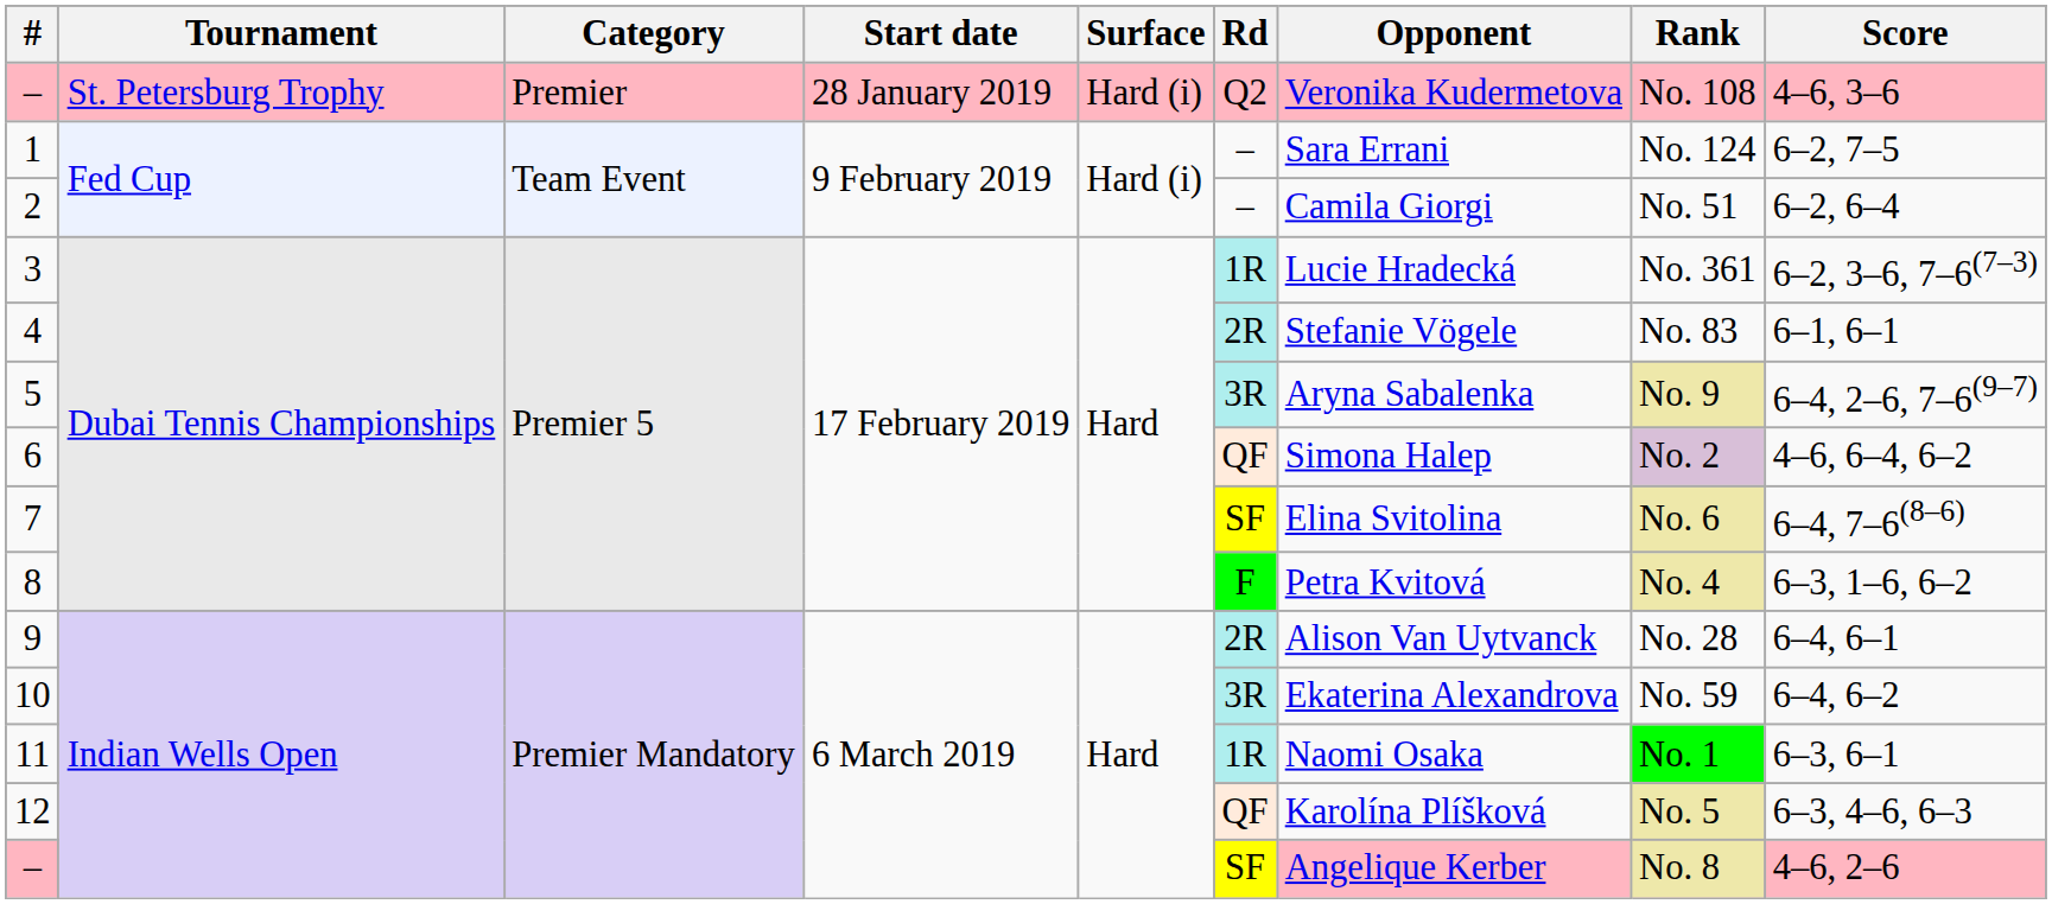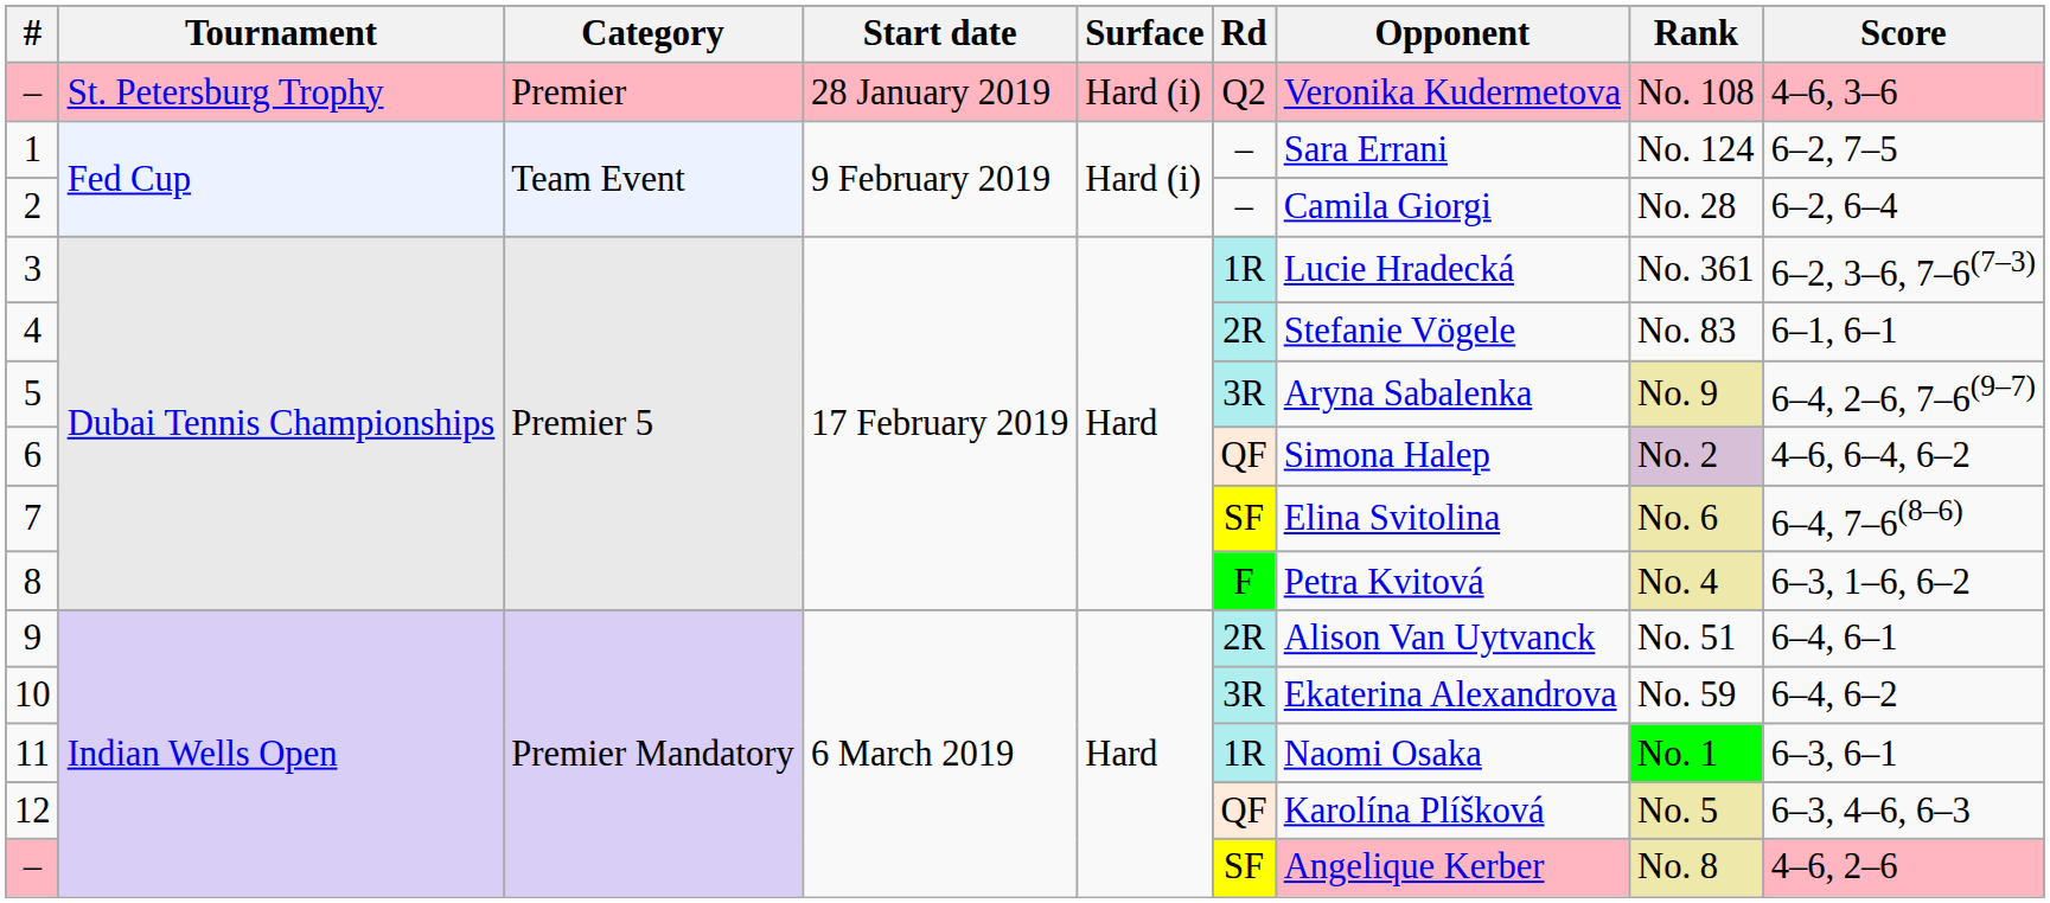 <table class="wikitable sortable">
 <tr>
 <th scope="col">#</th>
 <th scope="col">Tournament</th>
 <th scope="col">Category</th>
 <th scope="col">Start date</th>
 <th scope="col">Surface</th>
 <th scope="col">Rd</th>
 <th scope="col">Opponent</th>
 <th scope="col">Rank</th>
 <th scope="col" class="unsortable">Score</th>
 </tr>
 <tr bgcolor=lightpink>
 <td align=center>–</td>
 <td><a href='#'>St. Petersburg Trophy</a></td>
 <td>Premier</td>
 <td>28 January 2019</td>
 <td>Hard (i)</td>
 <td align=center style="background:f0f8ff;">Q2</td>
 <td> <a href='#'>Veronika Kudermetova</a></td>
 <td align=left>No. 108</td>
 <td>4–6, 3–6</td>
 </tr>
 <tr>
 <td align=center>1</td>
 <td bgcolor=ecf2ff rowspan=2><a href='#'>Fed Cup</a></td>
 <td bgcolor=ecf2ff rowspan=2>Team Event</td>
 <td rowspan=2>9 February 2019</td>
 <td rowspan=2>Hard (i)</td>
 <td align=center>–</td>
 <td> <a href='#'>Sara Errani</a></td>
 <td align=left>No. 124</td>
 <td>6–2, 7–5</td>
 </tr>
 <tr>
 <td align=center>2</td>
 <td align=center>–</td>
 <td> <a href='#'>Camila Giorgi</a></td>
-<td align=left>No. 51</td>
+<td align=left>No. 28</td>
 <td>6–2, 6–4</td>
 </tr>
 <tr>
 <td align=center>3</td>
 <td bgcolor=e9e9e9 rowspan=6><a href='#'>Dubai Tennis Championships</a></td>
 <td bgcolor=e9e9e9 rowspan=6>Premier 5</td>
 <td rowspan=6>17 February 2019</td>
 <td rowspan=6>Hard</td>
 <td align=center style="background:#afeeee;">1R</td>
 <td> <a href='#'>Lucie Hradecká</a></td>
 <td align=left>No. 361</td>
 <td>6–2, 3–6, 7–6<sup>(7–3)</sup></td>
 </tr>
 <tr>
 <td align=center>4</td>
 <td align=center style="background:#afeeee;">2R</td>
 <td> <a href='#'>Stefanie Vögele</a></td>
 <td align=left>No. 83</td>
 <td>6–1, 6–1</td>
 </tr>
 <tr>
 <td align=center>5</td>
 <td align=center style="background:#afeeee;">3R</td>
 <td> <a href='#'>Aryna Sabalenka</a></td>
 <td align=left bgcolor=eee8aa>No. 9</td>
 <td>6–4, 2–6, 7–6<sup>(9–7)</sup></td>
 </tr>
 <tr>
 <td align=center>6</td>
 <td align=center style="background:#ffebdc;">QF</td>
 <td> <a href='#'>Simona Halep</a></td>
 <td align=left bgcolor=thistle>No. 2</td>
 <td>4–6, 6–4, 6–2</td>
 </tr>
 <tr>
 <td align=center>7</td>
 <td align=center style="background:yellow;">SF</td>
 <td> <a href='#'>Elina Svitolina</a></td>
 <td align=left bgcolor=eee8aa>No. 6</td>
 <td>6–4, 7–6<sup>(8–6)</sup></td>
 </tr>
 <tr>
 <td align=center>8</td>
 <td align=center style="background:lime;">F</td>
 <td> <a href='#'>Petra Kvitová</a></td>
 <td align=left bgcolor=eee8aa>No. 4</td>
 <td>6–3, 1–6, 6–2</td>
 </tr>
 <tr>
 <td align=center>9</td>
 <td bgcolor=d8cef6 rowspan=5><a href='#'>Indian Wells Open</a></td>
 <td bgcolor=d8cef6 rowspan=5>Premier Mandatory</td>
 <td rowspan=5>6 March 2019</td>
 <td rowspan=5>Hard</td>
 <td align=center style="background:#afeeee;">2R</td>
 <td> <a href='#'>Alison Van Uytvanck</a></td>
-<td align=left>No. 28</td>
+<td align=left>No. 51</td>
 <td>6–4, 6–1</td>
 </tr>
 <tr>
 <td align=center>10</td>
 <td align=center style="background:#afeeee;">3R</td>
 <td> <a href='#'>Ekaterina Alexandrova</a></td>
 <td align=left>No. 59</td>
 <td>6–4, 6–2</td>
 </tr>
 <tr>
 <td align=center>11</td>
 <td align=center style="background:#afeeee;">1R</td>
 <td> <a href='#'>Naomi Osaka</a></td>
 <td align=left bgcolor=lime>No. 1</td>
 <td>6–3, 6–1</td>
 </tr>
 <tr>
 <td align=center>12</td>
 <td align=center style="background:#ffebdc;">QF</td>
 <td> <a href='#'>Karolína Plíšková</a></td>
 <td align=left bgcolor=eee8aa>No. 5</td>
 <td>6–3, 4–6, 6–3</td>
 </tr>
 <tr bgcolor=lightpink>
 <td align=center>–</td>
 <td align=center style="background:yellow;">SF</td>
 <td> <a href='#'>Angelique Kerber</a></td>
 <td align=left bgcolor=eee8aa>No. 8</td>
 <td>4–6, 2–6</td>
 </tr>
 </table>
